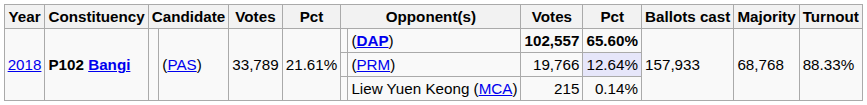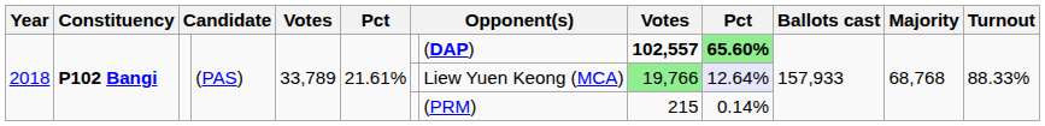 <table class="wikitable" style="margin:0.5em ; font-size:95%">
 <tr>
 <th>Year</th>
 <th>Constituency</th>
 <th colspan=2>Candidate</th>
 <th>Votes</th>
 <th>Pct</th>
 <th colspan=2>Opponent(s)</th>
 <th>Votes</th>
 <th>Pct</th>
 <th>Ballots cast</th>
 <th>Majority</th>
 <th>Turnout</th>
 </tr>
 <tr>
 <td rowspan=3><a href='#'>2018</a></td>
 <td rowspan=3><strong>P102 <a href='#'>Bangi</a></strong></td>
 <td rowspan=3 ></td>
 <td rowspan=3> (<a href='#'>PAS</a>)</td>
 <td rowspan=3 align=right>33,789</td>
 <td rowspan=3>21.61%</td>
 <td></td>
 <td> (<a href='#'><strong>DAP</strong></a>)</td>
 <td align=right><strong>102,557</strong></td>
-<td><strong>65.60%</strong></td>
+<td style="background: lightgreen;"><strong>65.60%</strong></td>
 <td rowspan=3>157,933</td>
 <td rowspan=3>68,768</td>
 <td rowspan=3>88.33%</td>
 </tr>
 <tr>
 <td></td>
-<td> (<a href='#'>PRM</a>)</td>
-<td align=right>19,766</td>
+<td>Liew Yuen Keong (<a href='#'>MCA</a>)</td>
+<td align=right style="background: lightgreen;">19,766</td>
 <td style="background: lavender;">12.64%</td>
 </tr>
 <tr>
 <td bgcolor=></td>
-<td>Liew Yuen Keong (<a href='#'>MCA</a>)</td>
+<td> (<a href='#'>PRM</a>)</td>
 <td align=right>215</td>
 <td align=right>0.14%</td>
 </tr>
 </table>
